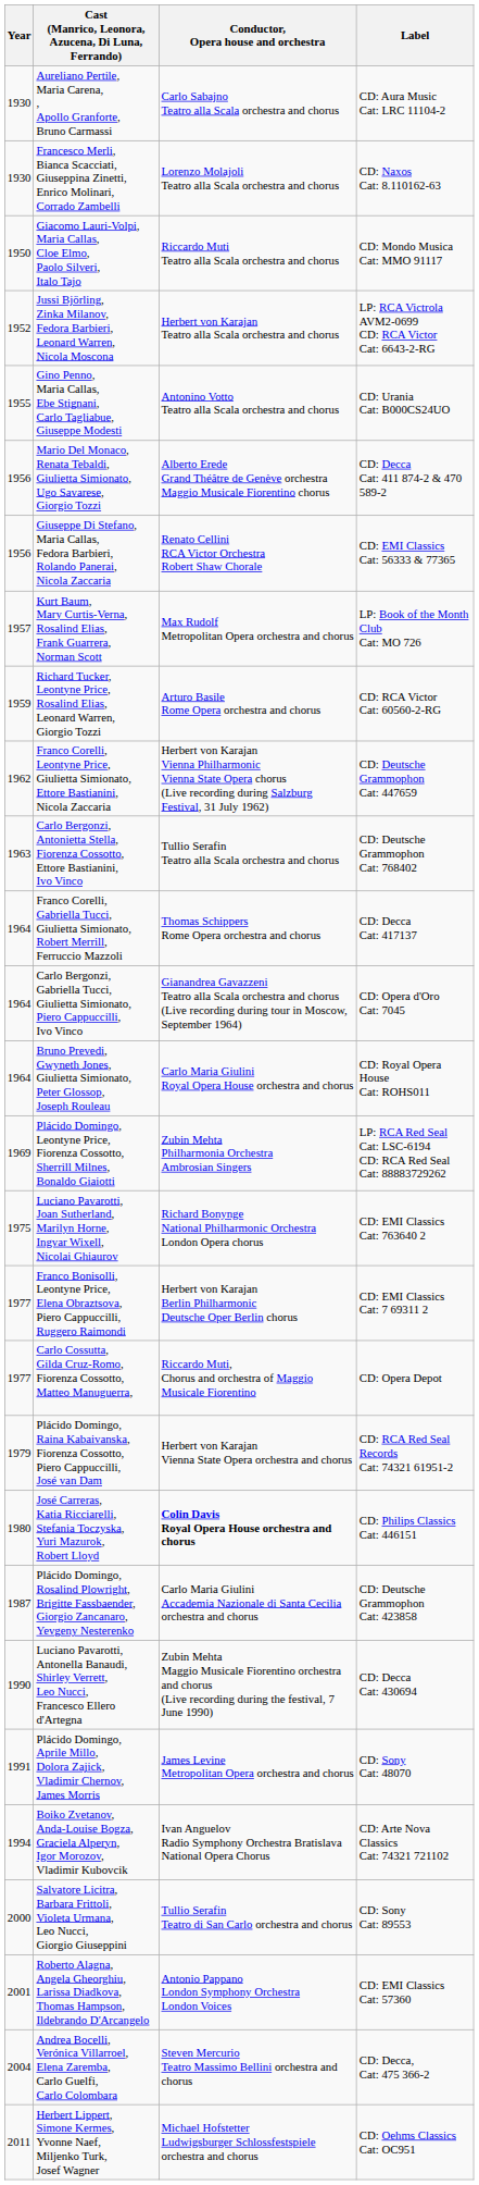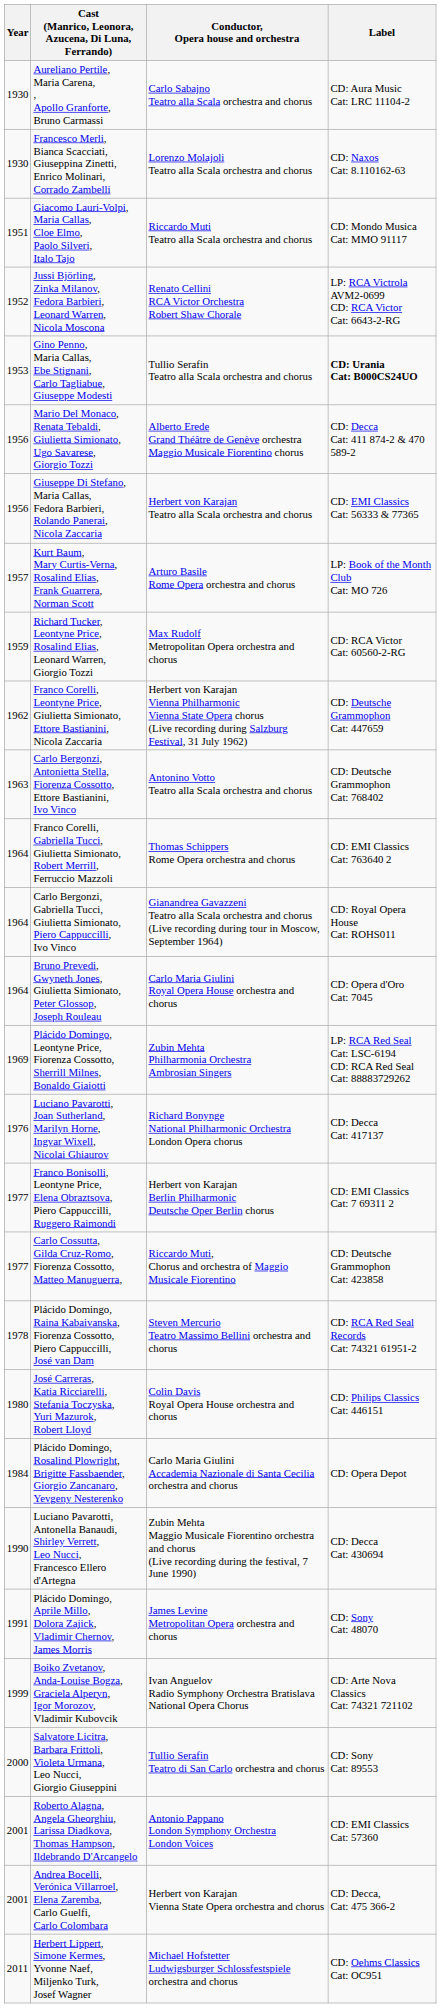 <table class="wikitable" style="font-size:95%;">
 <tr>
 <th>Year</th>
 <th Width="155">Cast<br>(Manrico, Leonora,<br>Azucena, Di Luna,<br>Ferrando)</th>
 <th>Conductor,<br>Opera house and orchestra</th>
 <th>Label</th>
 </tr>
 <tr>
 <td>1930</td>
 <td><a href='#'>Aureliano Pertile</a>,<br>Maria Carena,<br>,<br><a href='#'>Apollo Granforte</a>,<br>Bruno Carmassi</td>
 <td><a href='#'>Carlo Sabajno</a><br><a href='#'>Teatro alla Scala</a> orchestra and chorus</td>
 <td>CD: Aura Music<br>Cat: LRC 11104-2</td>
 </tr>
 <tr>
 <td>1930</td>
 <td><a href='#'>Francesco Merli</a>,<br>Bianca Scacciati,<br>Giuseppina Zinetti,<br>Enrico Molinari,<br><a href='#'>Corrado Zambelli</a></td>
 <td><a href='#'>Lorenzo Molajoli</a><br>Teatro alla Scala orchestra and chorus</td>
 <td>CD: <a href='#'>Naxos</a><br>Cat: 8.110162-63</td>
 </tr>
 <tr>
-<td>1950</td>
+<td>1951</td>
 <td><a href='#'>Giacomo Lauri-Volpi</a>,<br><a href='#'>Maria Callas</a>,<br><a href='#'>Cloe Elmo</a>,<br><a href='#'>Paolo Silveri</a>,<br><a href='#'>Italo Tajo</a></td>
 <td><a href='#'>Riccardo Muti</a><br>Teatro alla Scala orchestra and chorus</td>
 <td>CD: Mondo Musica<br>Cat: MMO 91117</td>
 </tr>
 <tr>
 <td>1952</td>
 <td><a href='#'>Jussi Björling</a>,<br><a href='#'>Zinka Milanov</a>,<br><a href='#'>Fedora Barbieri</a>,<br><a href='#'>Leonard Warren</a>,<br><a href='#'>Nicola Moscona</a></td>
-<td><a href='#'>Herbert von Karajan</a><br>Teatro alla Scala orchestra and chorus</td>
+<td><a href='#'>Renato Cellini</a><br><a href='#'>RCA Victor Orchestra</a><br><a href='#'>Robert Shaw Chorale</a></td>
 <td>LP: <a href='#'>RCA Victrola</a> AVM2-0699<br> CD: <a href='#'>RCA Victor</a><br>Cat: 6643-2-RG<br></td>
 </tr>
 <tr>
-<td>1955</td>
+<td>1953</td>
 <td><a href='#'>Gino Penno</a>,<br>Maria Callas,<br><a href='#'>Ebe Stignani</a>,<br><a href='#'>Carlo Tagliabue</a>,<br><a href='#'>Giuseppe Modesti</a></td>
-<td><a href='#'>Antonino Votto</a><br>Teatro alla Scala orchestra and chorus</td>
-<td>CD: Urania<br>Cat: B000CS24UO</td>
+<td>Tullio Serafin<br>Teatro alla Scala orchestra and chorus</td>
+<td><strong>CD: Urania<br>Cat: B000CS24UO</strong></td>
 </tr>
 <tr>
 <td>1956</td>
 <td><a href='#'>Mario Del Monaco</a>,<br><a href='#'>Renata Tebaldi</a>,<br><a href='#'>Giulietta Simionato</a>,<br><a href='#'>Ugo Savarese</a>,<br><a href='#'>Giorgio Tozzi</a></td>
 <td><a href='#'>Alberto Erede</a><br><a href='#'>Grand Théâtre de Genève</a> orchestra<br><a href='#'>Maggio Musicale Fiorentino</a> chorus</td>
 <td>CD: <a href='#'>Decca</a><br>Cat: 411 874-2 & 470 589-2</td>
 </tr>
 <tr>
 <td>1956</td>
 <td><a href='#'>Giuseppe Di Stefano</a>,<br>Maria Callas,<br>Fedora Barbieri,<br><a href='#'>Rolando Panerai</a>,<br><a href='#'>Nicola Zaccaria</a></td>
-<td><a href='#'>Renato Cellini</a><br><a href='#'>RCA Victor Orchestra</a><br><a href='#'>Robert Shaw Chorale</a></td>
+<td><a href='#'>Herbert von Karajan</a><br>Teatro alla Scala orchestra and chorus</td>
 <td>CD: <a href='#'>EMI Classics</a><br>Cat: 56333 & 77365</td>
 </tr>
 <tr>
 <td>1957</td>
 <td><a href='#'>Kurt Baum</a>,<br><a href='#'>Mary Curtis-Verna</a>,<br><a href='#'>Rosalind Elias</a>,<br><a href='#'>Frank Guarrera</a>,<br><a href='#'>Norman Scott</a></td>
-<td><a href='#'>Max Rudolf</a><br>Metropolitan Opera orchestra and chorus</td>
+<td><a href='#'>Arturo Basile</a><br><a href='#'>Rome Opera</a> orchestra and chorus</td>
 <td>LP: <a href='#'>Book of the Month Club</a><br>Cat: MO 726</td>
 </tr>
 <tr>
 <td>1959</td>
 <td><a href='#'>Richard Tucker</a>,<br><a href='#'>Leontyne Price</a>,<br><a href='#'>Rosalind Elias</a>,<br>Leonard Warren,<br>Giorgio Tozzi</td>
-<td><a href='#'>Arturo Basile</a><br><a href='#'>Rome Opera</a> orchestra and chorus</td>
+<td><a href='#'>Max Rudolf</a><br>Metropolitan Opera orchestra and chorus</td>
 <td>CD: RCA Victor<br>Cat: 60560-2-RG</td>
 </tr>
 <tr>
 <td>1962</td>
 <td><a href='#'>Franco Corelli</a>,<br><a href='#'>Leontyne Price</a>,<br>Giulietta Simionato,<br><a href='#'>Ettore Bastianini</a>,<br>Nicola Zaccaria</td>
 <td>Herbert von Karajan<br><a href='#'>Vienna Philharmonic</a><br><a href='#'>Vienna State Opera</a> chorus<br>(Live recording during <a href='#'>Salzburg Festival</a>, 31 July 1962)</td>
 <td>CD: <a href='#'>Deutsche Grammophon</a><br>Cat: 447659</td>
 </tr>
 <tr>
 <td>1963</td>
 <td><a href='#'>Carlo Bergonzi</a>,<br><a href='#'>Antonietta Stella</a>,<br><a href='#'>Fiorenza Cossotto</a>,<br>Ettore Bastianini,<br><a href='#'>Ivo Vinco</a></td>
-<td>Tullio Serafin<br>Teatro alla Scala orchestra and chorus</td>
+<td><a href='#'>Antonino Votto</a><br>Teatro alla Scala orchestra and chorus</td>
 <td>CD: Deutsche Grammophon<br>Cat: 768402</td>
 </tr>
 <tr>
 <td>1964</td>
 <td>Franco Corelli,<br><a href='#'>Gabriella Tucci</a>,<br>Giulietta Simionato,<br><a href='#'>Robert Merrill</a>,<br>Ferruccio Mazzoli</td>
 <td><a href='#'>Thomas Schippers</a><br>Rome Opera orchestra and chorus<br></td>
-<td>CD: Decca<br>Cat: 417137</td>
+<td>CD: EMI Classics<br>Cat: 763640 2</td>
 </tr>
 <tr>
 <td>1964</td>
 <td>Carlo Bergonzi,<br>Gabriella Tucci,<br>Giulietta Simionato,<br><a href='#'>Piero Cappuccilli</a>,<br>Ivo Vinco</td>
 <td><a href='#'>Gianandrea Gavazzeni</a><br>Teatro alla Scala orchestra and chorus<br>(Live recording during tour in Moscow, September 1964)</td>
-<td>CD: Opera d'Oro<br>Cat: 7045</td>
+<td>CD: Royal Opera House<br>Cat: ROHS011</td>
 </tr>
 <tr>
 <td>1964</td>
 <td><a href='#'>Bruno Prevedi</a>,<br><a href='#'>Gwyneth Jones</a>,<br>Giulietta Simionato,<br><a href='#'>Peter Glossop</a>,<br><a href='#'>Joseph Rouleau</a></td>
 <td><a href='#'>Carlo Maria Giulini</a><br><a href='#'>Royal Opera House</a> orchestra and chorus</td>
-<td>CD: Royal Opera House<br>Cat: ROHS011</td>
+<td>CD: Opera d'Oro<br>Cat: 7045</td>
 </tr>
 <tr>
 <td>1969</td>
 <td><a href='#'>Plácido Domingo</a>,<br>Leontyne Price,<br>Fiorenza Cossotto,<br><a href='#'>Sherrill Milnes</a>,<br><a href='#'>Bonaldo Giaiotti</a></td>
 <td><a href='#'>Zubin Mehta</a><br><a href='#'>Philharmonia Orchestra</a><br><a href='#'>Ambrosian Singers</a></td>
 <td>LP: <a href='#'>RCA Red Seal</a> <br>Cat: LSC-6194<br>CD: RCA Red Seal<br>Cat: 88883729262</td>
 </tr>
 <tr>
-<td>1975</td>
+<td>1976</td>
 <td><a href='#'>Luciano Pavarotti</a>,<br><a href='#'>Joan Sutherland</a>,<br><a href='#'>Marilyn Horne</a>,<br><a href='#'>Ingvar Wixell</a>,<br><a href='#'>Nicolai Ghiaurov</a></td>
 <td><a href='#'>Richard Bonynge</a><br><a href='#'>National Philharmonic Orchestra</a><br>London Opera chorus</td>
-<td>CD: EMI Classics<br>Cat: 763640 2</td>
+<td>CD: Decca<br>Cat: 417137</td>
 </tr>
 <tr>
 <td>1977</td>
 <td><a href='#'>Franco Bonisolli</a>,<br>Leontyne Price,<br><a href='#'>Elena Obraztsova</a>,<br>Piero Cappuccilli,<br><a href='#'>Ruggero Raimondi</a></td>
 <td>Herbert von Karajan<br><a href='#'>Berlin Philharmonic</a><br><a href='#'>Deutsche Oper Berlin</a> chorus</td>
 <td>CD: EMI Classics<br>Cat: 7 69311 2</td>
 </tr>
 <tr>
 <td>1977</td>
 <td><a href='#'>Carlo Cossutta</a>,<br> <a href='#'>Gilda Cruz-Romo</a>,<br>Fiorenza Cossotto,<br> <a href='#'>Matteo Manuguerra</a>,<br><br></td>
 <td><a href='#'>Riccardo Muti</a>,<br>Chorus and orchestra of <a href='#'>Maggio Musicale Fiorentino</a></td>
-<td>CD: Opera Depot</td>
+<td>CD: Deutsche Grammophon<br>Cat: 423858</td>
 </tr>
 <tr>
-<td>1979</td>
+<td>1978</td>
 <td>Plácido Domingo,<br><a href='#'>Raina Kabaivanska</a>,<br>Fiorenza Cossotto,<br>Piero Cappuccilli,<br><a href='#'>José van Dam</a></td>
-<td>Herbert von Karajan<br>Vienna State Opera orchestra and chorus</td>
+<td><a href='#'>Steven Mercurio</a><br><a href='#'>Teatro Massimo Bellini</a> orchestra and chorus</td>
 <td>CD: <a href='#'>RCA Red Seal Records</a><br>Cat: 74321 61951-2</td>
 </tr>
 <tr>
 <td>1980</td>
 <td><a href='#'>José Carreras</a>,<br><a href='#'>Katia Ricciarelli</a>,<br><a href='#'>Stefania Toczyska</a>,<br><a href='#'>Yuri Mazurok</a>,<br><a href='#'>Robert Lloyd</a></td>
-<td><strong><a href='#'>Colin Davis</a><br>Royal Opera House orchestra and chorus</strong></td>
+<td><a href='#'>Colin Davis</a><br>Royal Opera House orchestra and chorus</td>
 <td>CD: <a href='#'>Philips Classics</a><br>Cat: 446151</td>
 </tr>
 <tr>
-<td>1987</td>
+<td>1984</td>
 <td>Plácido Domingo,<br><a href='#'>Rosalind Plowright</a>,<br><a href='#'>Brigitte Fassbaender</a>,<br><a href='#'>Giorgio Zancanaro</a>,<br><a href='#'>Yevgeny Nesterenko</a></td>
 <td>Carlo Maria Giulini<br><a href='#'>Accademia Nazionale di Santa Cecilia</a> orchestra and chorus</td>
-<td>CD: Deutsche Grammophon<br>Cat: 423858</td>
+<td>CD: Opera Depot</td>
 </tr>
 <tr>
 <td>1990</td>
 <td>Luciano Pavarotti,<br>Antonella Banaudi,<br><a href='#'>Shirley Verrett</a>,<br><a href='#'>Leo Nucci</a>,<br>Francesco Ellero d'Artegna</td>
 <td>Zubin Mehta<br>Maggio Musicale Fiorentino orchestra and chorus<br>(Live recording during the festival, 7 June 1990)</td>
 <td>CD: Decca<br>Cat: 430694</td>
 </tr>
 <tr>
 <td>1991</td>
 <td>Plácido Domingo,<br><a href='#'>Aprile Millo</a>,<br><a href='#'>Dolora Zajick</a>,<br><a href='#'>Vladimir Chernov</a>,<br><a href='#'>James Morris</a></td>
 <td><a href='#'>James Levine</a><br><a href='#'>Metropolitan Opera</a> orchestra and chorus</td>
 <td>CD: <a href='#'>Sony</a><br>Cat: 48070</td>
 </tr>
 <tr>
-<td>1994</td>
+<td>1999</td>
 <td><a href='#'>Boiko Zvetanov</a>,<br><a href='#'>Anda-Louise Bogza</a>,<br><a href='#'>Graciela Alperyn</a>,<br><a href='#'>Igor Morozov</a>,<br>Vladimir Kubovcik</td>
 <td>Ivan Anguelov<br>Radio Symphony Orchestra Bratislava<br>National Opera Chorus</td>
 <td>CD: Arte Nova Classics <br>Cat: 74321 721102</td>
 </tr>
 <tr>
 <td>2000</td>
 <td><a href='#'>Salvatore Licitra</a>,<br><a href='#'>Barbara Frittoli</a>,<br><a href='#'>Violeta Urmana</a>,<br>Leo Nucci,<br>Giorgio Giuseppini</td>
 <td><a href='#'>Tullio Serafin</a><br><a href='#'>Teatro di San Carlo</a> orchestra and chorus</td>
 <td>CD: Sony<br>Cat: 89553</td>
 </tr>
 <tr>
 <td>2001</td>
 <td><a href='#'>Roberto Alagna</a>,<br><a href='#'>Angela Gheorghiu</a>,<br><a href='#'>Larissa Diadkova</a>,<br><a href='#'>Thomas Hampson</a>,<br><a href='#'>Ildebrando D'Arcangelo</a></td>
 <td><a href='#'>Antonio Pappano</a><br><a href='#'>London Symphony Orchestra</a><br><a href='#'>London Voices</a></td>
 <td>CD: EMI Classics<br>Cat: 57360</td>
 </tr>
 <tr>
-<td>2004</td>
+<td>2001</td>
 <td><a href='#'>Andrea Bocelli</a>,<br><a href='#'>Verónica Villarroel</a>,<br><a href='#'>Elena Zaremba</a>,<br>Carlo Guelfi,<br><a href='#'>Carlo Colombara</a></td>
-<td><a href='#'>Steven Mercurio</a><br><a href='#'>Teatro Massimo Bellini</a> orchestra and chorus</td>
+<td>Herbert von Karajan<br>Vienna State Opera orchestra and chorus</td>
 <td>CD: Decca,<br>Cat: 475 366-2</td>
 </tr>
 <tr>
 <td>2011</td>
 <td><a href='#'>Herbert Lippert</a>,<br><a href='#'>Simone Kermes</a>,<br>Yvonne Naef,<br>Miljenko Turk,<br>Josef Wagner</td>
 <td><a href='#'>Michael Hofstetter</a><br> <a href='#'>Ludwigsburger Schlossfestspiele</a> orchestra and chorus</td>
 <td>CD: <a href='#'>Oehms Classics</a><br>Cat: OC951</td>
 </tr>
 </table>
